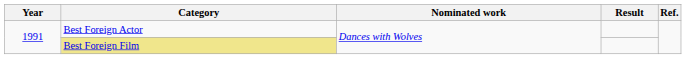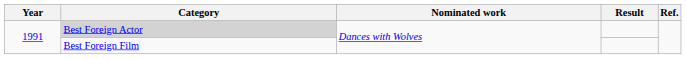 <table class=wikitable>
 <tr>
 <th scope="col" style="width:5em;">Year</th>
 <th scope="col" style="width:26em;">Category</th>
 <th scope="col" style="width:25em;">Nominated work</th>
 <th scope="col" style="width:5em;">Result</th>
 <th>Ref.</th>
 </tr>
 <tr>
 <td style="text-align:center;", rowspan="2"><a href='#'>1991</a></td>
-<td><a href='#'>Best Foreign Actor</a></td>
+<td style="background: lightgrey;"><a href='#'>Best Foreign Actor</a></td>
 <td rowspan="2"><em><a href='#'>Dances with Wolves</a></em></td>
 <td></td>
 <td rowspan="2"></td>
 </tr>
 <tr>
-<td style="background: khaki;"><a href='#'>Best Foreign Film</a></td>
+<td><a href='#'>Best Foreign Film</a></td>
 <td></td>
 </tr>
 </table>
